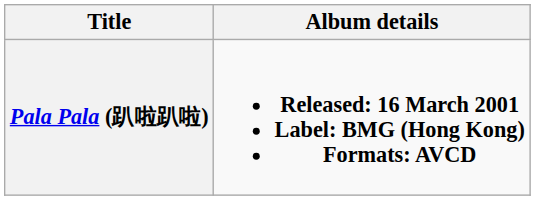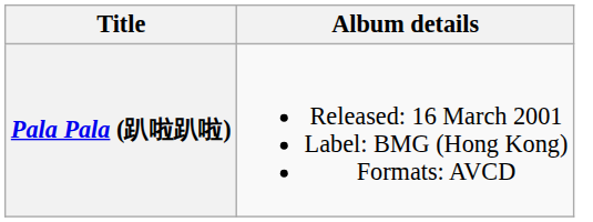 <table class="wikitable plainrowheaders" style=text-align:center;>
 <tr>
 <th>Title</th>
 <th>Album details</th>
 </tr>
 <tr>
 <th scope="row"><em><a href='#'>Pala Pala</a></em> (趴啦趴啦)</th>
-<td><strong><br><ul><li>Released: 16 March 2001</li><li>Label: BMG (Hong Kong)</li><li>Formats: AVCD</li></ul></strong></td>
+<td><br><ul><li>Released: 16 March 2001</li><li>Label: BMG (Hong Kong)</li><li>Formats: AVCD</li></ul></td>
 </tr>
 </table>
